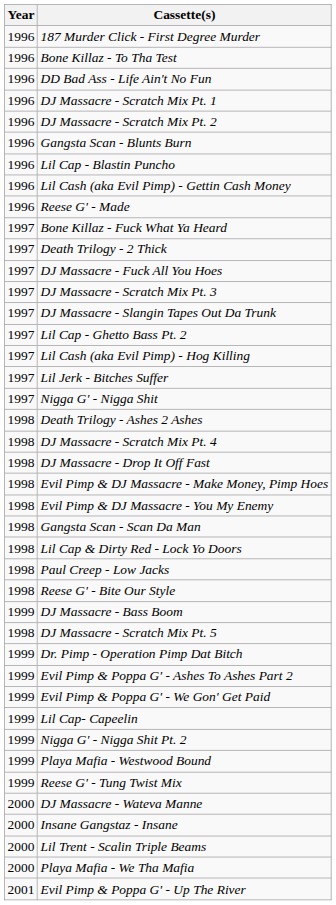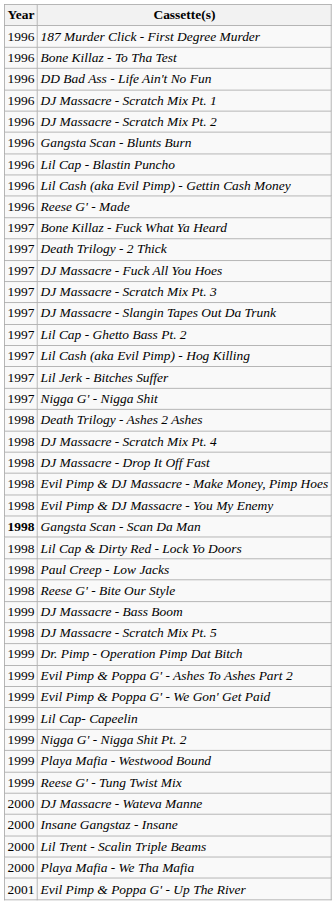 <table class="wikitable">
 <tr>
 <th>Year</th>
 <th>Cassette(s)</th>
 </tr>
 <tr>
 <td>1996</td>
 <td><em>187 Murder Click - First Degree Murder</em></td>
 </tr>
 <tr>
 <td>1996</td>
 <td><em>Bone Killaz - To Tha Test</em></td>
 </tr>
 <tr>
 <td>1996</td>
 <td><em>DD Bad Ass - Life Ain't No Fun</em></td>
 </tr>
 <tr>
 <td>1996</td>
 <td><em>DJ Massacre - Scratch Mix Pt. 1</em></td>
 </tr>
 <tr>
 <td>1996</td>
 <td><em>DJ Massacre - Scratch Mix Pt. 2</em></td>
 </tr>
 <tr>
 <td>1996</td>
 <td><em>Gangsta Scan - Blunts Burn</em></td>
 </tr>
 <tr>
 <td>1996</td>
 <td><em>Lil Cap - Blastin Puncho</em></td>
 </tr>
 <tr>
 <td>1996</td>
 <td><em>Lil Cash (aka Evil Pimp) - Gettin Cash Money</em></td>
 </tr>
 <tr>
 <td>1996</td>
 <td><em>Reese G' -  Made</em></td>
 </tr>
 <tr>
 <td>1997</td>
 <td><em>Bone Killaz - Fuck What Ya Heard</em></td>
 </tr>
 <tr>
 <td>1997</td>
 <td><em>Death Trilogy - 2 Thick</em></td>
 </tr>
 <tr>
 <td>1997</td>
 <td><em>DJ Massacre - Fuck All You Hoes</em></td>
 </tr>
 <tr>
 <td>1997</td>
 <td><em>DJ Massacre - Scratch Mix Pt. 3</em></td>
 </tr>
 <tr>
 <td>1997</td>
 <td><em>DJ Massacre - Slangin Tapes Out Da Trunk</em></td>
 </tr>
 <tr>
 <td>1997</td>
 <td><em>Lil Cap - Ghetto Bass Pt. 2</em></td>
 </tr>
 <tr>
 <td>1997</td>
 <td><em>Lil Cash (aka Evil Pimp) - Hog Killing</em></td>
 </tr>
 <tr>
 <td>1997</td>
 <td><em>Lil Jerk - Bitches Suffer</em></td>
 </tr>
 <tr>
 <td>1997</td>
 <td><em>Nigga G' - Nigga Shit</em></td>
 </tr>
 <tr>
 <td>1998</td>
 <td><em>Death Trilogy - Ashes 2 Ashes</em></td>
 </tr>
 <tr>
 <td>1998</td>
 <td><em>DJ Massacre - Scratch Mix Pt. 4</em></td>
 </tr>
 <tr>
 <td>1998</td>
 <td><em>DJ Massacre - Drop It Off Fast</em></td>
 </tr>
 <tr>
 <td>1998</td>
 <td><em>Evil Pimp & DJ Massacre - Make Money, Pimp Hoes</em></td>
 </tr>
 <tr>
 <td>1998</td>
 <td><em>Evil Pimp & DJ Massacre - You My Enemy</em></td>
 </tr>
 <tr>
-<td>1998</td>
+<td><strong>1998</strong></td>
 <td><em>Gangsta Scan - Scan Da Man</em></td>
 </tr>
 <tr>
 <td>1998</td>
 <td><em>Lil Cap & Dirty Red - Lock Yo Doors</em></td>
 </tr>
 <tr>
 <td>1998</td>
 <td><em>Paul Creep - Low Jacks</em></td>
 </tr>
 <tr>
 <td>1998</td>
 <td><em>Reese G' - Bite Our Style</em></td>
 </tr>
 <tr>
 <td>1999</td>
 <td><em>DJ Massacre - Bass Boom</em></td>
 </tr>
 <tr>
 <td>1998</td>
 <td><em>DJ Massacre - Scratch Mix Pt. 5</em></td>
 </tr>
 <tr>
 <td>1999</td>
 <td><em>Dr. Pimp - Operation Pimp Dat Bitch</em></td>
 </tr>
 <tr>
 <td>1999</td>
 <td><em>Evil Pimp & Poppa G' - Ashes To Ashes Part 2</em></td>
 </tr>
 <tr>
 <td>1999</td>
 <td><em>Evil Pimp & Poppa G' - We Gon' Get Paid</em></td>
 </tr>
 <tr>
 <td>1999</td>
 <td><em>Lil Cap- Capeelin</em></td>
 </tr>
 <tr>
 <td>1999</td>
 <td><em>Nigga G' - Nigga Shit Pt. 2</em></td>
 </tr>
 <tr>
 <td>1999</td>
 <td><em>Playa Mafia - Westwood Bound</em></td>
 </tr>
 <tr>
 <td>1999</td>
 <td><em>Reese G' - Tung Twist Mix</em></td>
 </tr>
 <tr>
 <td>2000</td>
 <td><em>DJ Massacre - Wateva Manne</em></td>
 </tr>
 <tr>
 <td>2000</td>
 <td><em>Insane Gangstaz - Insane</em></td>
 </tr>
 <tr>
 <td>2000</td>
 <td><em>Lil Trent - Scalin Triple Beams</em></td>
 </tr>
 <tr>
 <td>2000</td>
 <td><em>Playa Mafia - We Tha Mafia</em></td>
 </tr>
 <tr>
 <td>2001</td>
 <td><em>Evil Pimp & Poppa G' - Up The River</em></td>
 </tr>
 </table>
